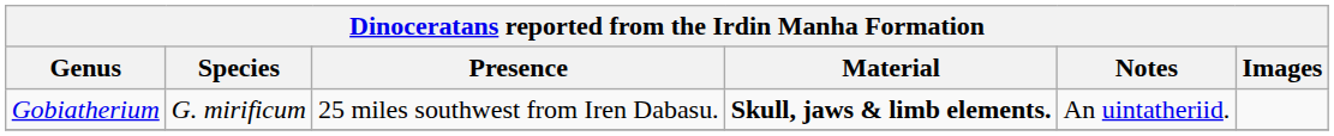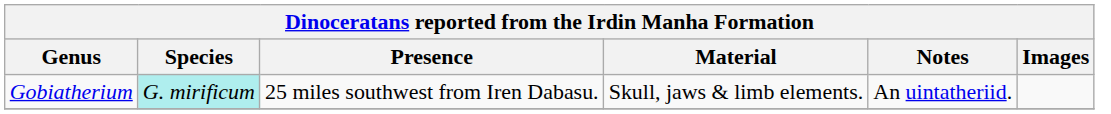 <table class="wikitable" align="center">
 <tr>
 <th colspan="6" align="center"><strong><a href='#'>Dinoceratans</a> reported from the Irdin Manha Formation</strong></th>
 </tr>
 <tr>
 <th>Genus</th>
 <th>Species</th>
 <th>Presence</th>
 <th><strong>Material</strong></th>
 <th>Notes</th>
 <th>Images</th>
 </tr>
 <tr>
 <td><em><a href='#'>Gobiatherium</a></em></td>
-<td><em>G. mirificum</em></td>
+<td style="background: paleturquoise;"><em>G. mirificum</em></td>
 <td>25 miles southwest from Iren Dabasu.</td>
-<td><strong>Skull, jaws & limb elements.</strong></td>
+<td>Skull, jaws & limb elements.</td>
 <td>An <a href='#'>uintatheriid</a>.</td>
 <td></td>
 </tr>
 <tr>
 </tr>
 </table>
